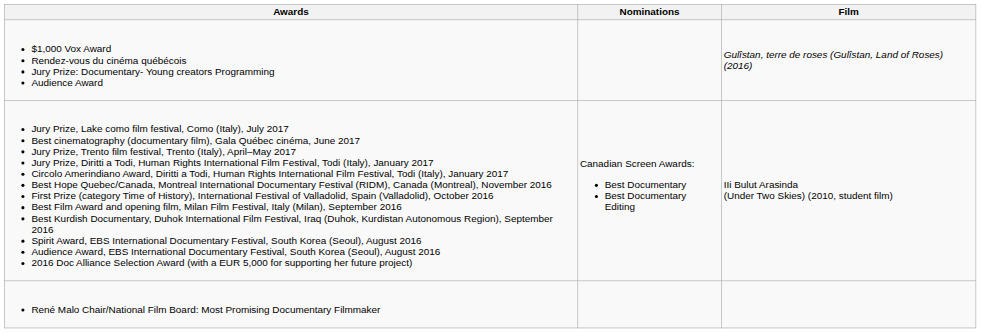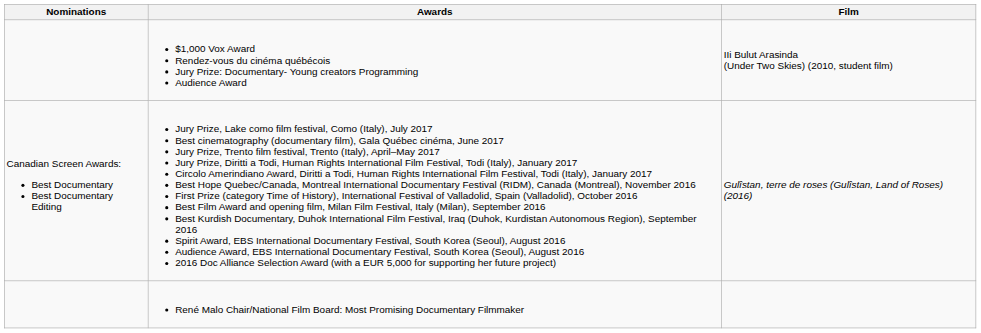 <table class="wikitable">
 <tr>
+<th>Nominations</th>
 <th>Awards</th>
-<th>Nominations</th>
 <th>Film</th>
 </tr>
 <tr>
+<td></td>
 <td><br><ul><li>$1,000 Vox Award</li><li>Rendez-vous du cinéma québécois</li><li>Jury Prize: Documentary- Young creators Programming</li><li>Audience Award</li></ul></td>
-<td></td>
+<td>IIi Bulut Arasinda<br>(Under Two Skies) (2010, student film)</td>
+</tr>
+<tr>
+<td>Canadian Screen Awards:<br><ul><li>Best Documentary</li><li>Best Documentary Editing</li></ul></td>
+<td><br><ul><li>Jury Prize, Lake como film festival, Como (Italy), July 2017</li><li>Best cinematography (documentary film), Gala Québec cinéma, June 2017</li><li>Jury Prize, Trento film festival, Trento (Italy), April–May 2017</li><li>Jury Prize, Diritti a Todi, Human Rights International Film Festival, Todi (Italy), January 2017</li><li>Circolo Amerindiano Award, Diritti a Todi, Human Rights International Film Festival, Todi (Italy), January 2017</li><li>Best Hope Quebec/Canada, Montreal International Documentary Festival (RIDM), Canada (Montreal), November 2016</li><li>First Prize (category Time of History), International Festival of Valladolid, Spain (Valladolid), October 2016</li><li>Best Film Award and opening film, Milan Film Festival, Italy (Milan), September 2016</li><li>Best Kurdish Documentary, Duhok International Film Festival, Iraq (Duhok, Kurdistan Autonomous Region), September 2016</li><li>Spirit Award, EBS International Documentary Festival, South Korea (Seoul), August 2016</li><li>Audience Award, EBS International Documentary Festival, South Korea (Seoul), August 2016</li><li>2016 Doc Alliance Selection Award (with a EUR 5,000 for supporting her future project)</li></ul></td>
 <td><em>Gulîstan, terre de roses (Gulîstan, Land of Roses) (2016)</em></td>
 </tr>
 <tr>
-<td><br><ul><li>Jury Prize, Lake como film festival, Como (Italy), July 2017</li><li>Best cinematography (documentary film), Gala Québec cinéma, June 2017</li><li>Jury Prize, Trento film festival, Trento (Italy), April–May 2017</li><li>Jury Prize, Diritti a Todi, Human Rights International Film Festival, Todi (Italy), January 2017</li><li>Circolo Amerindiano Award, Diritti a Todi, Human Rights International Film Festival, Todi (Italy), January 2017</li><li>Best Hope Quebec/Canada, Montreal International Documentary Festival (RIDM), Canada (Montreal), November 2016</li><li>First Prize (category Time of History), International Festival of Valladolid, Spain (Valladolid), October 2016</li><li>Best Film Award and opening film, Milan Film Festival, Italy (Milan), September 2016</li><li>Best Kurdish Documentary, Duhok International Film Festival, Iraq (Duhok, Kurdistan Autonomous Region), September 2016</li><li>Spirit Award, EBS International Documentary Festival, South Korea (Seoul), August 2016</li><li>Audience Award, EBS International Documentary Festival, South Korea (Seoul), August 2016</li><li>2016 Doc Alliance Selection Award (with a EUR 5,000 for supporting her future project)</li></ul></td>
-<td>Canadian Screen Awards:<br><ul><li>Best Documentary</li><li>Best Documentary Editing</li></ul></td>
-<td>IIi Bulut Arasinda<br>(Under Two Skies) (2010, student film)</td>
-</tr>
-<tr>
+<td></td>
 <td><br><ul><li>René Malo Chair/National Film Board: Most Promising Documentary Filmmaker</li></ul></td>
-<td></td>
 <td></td>
 </tr>
 </table>
